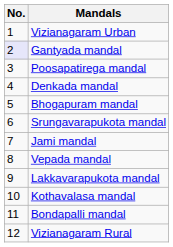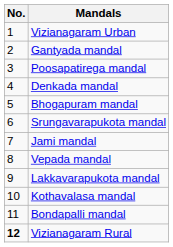 <table class="wikitable">
 <tr>
 <th>No.</th>
 <th>Mandals</th>
 </tr>
 <tr>
 <td>1</td>
 <td><a href='#'>Vizianagaram Urban</a></td>
 </tr>
 <tr>
-<td style="background: lavender;">2</td>
+<td>2</td>
 <td><a href='#'>Gantyada mandal</a></td>
 </tr>
 <tr>
 <td>3</td>
 <td><a href='#'>Poosapatirega mandal</a></td>
 </tr>
 <tr>
 <td>4</td>
 <td><a href='#'>Denkada mandal</a></td>
 </tr>
 <tr>
 <td>5</td>
 <td><a href='#'>Bhogapuram mandal</a></td>
 </tr>
 <tr>
 <td>6</td>
 <td><a href='#'>Srungavarapukota mandal</a></td>
 </tr>
 <tr>
 <td>7</td>
 <td><a href='#'>Jami mandal</a></td>
 </tr>
 <tr>
 <td>8</td>
 <td><a href='#'>Vepada mandal</a></td>
 </tr>
 <tr>
 <td>9</td>
 <td><a href='#'>Lakkavarapukota mandal</a></td>
 </tr>
 <tr>
 <td>10</td>
 <td><a href='#'>Kothavalasa mandal</a></td>
 </tr>
 <tr>
 <td>11</td>
 <td><a href='#'>Bondapalli mandal</a></td>
 </tr>
 <tr>
-<td>12</td>
+<td><strong>12</strong></td>
 <td><a href='#'>Vizianagaram Rural</a></td>
 </tr>
 </table>
